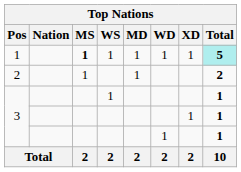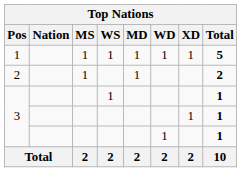 <table class="wikitable" style="text-align:center">
 <tr>
 <th colspan="10">Top Nations</th>
 </tr>
 <tr>
 <th>Pos</th>
 <th>Nation</th>
 <th>MS</th>
 <th>WS</th>
 <th>MD</th>
 <th>WD</th>
 <th>XD</th>
 <th>Total</th>
 </tr>
 <tr>
 <td>1</td>
 <td align="left"></td>
-<td><strong>1</strong></td>
 <td>1</td>
 <td>1</td>
 <td>1</td>
 <td>1</td>
-<td style="background: paleturquoise;"><strong>5</strong></td>
+<td>1</td>
+<td><strong>5</strong></td>
 </tr>
 <tr>
 <td>2</td>
 <td align="left"></td>
 <td>1</td>
 <td></td>
 <td>1</td>
 <td></td>
 <td></td>
 <td><strong>2</strong></td>
 </tr>
 <tr>
 <td rowspan=3>3</td>
 <td align="left"></td>
 <td></td>
 <td>1</td>
 <td></td>
 <td></td>
 <td></td>
 <td><strong>1</strong></td>
 </tr>
 <tr>
 <td align="left"></td>
 <td></td>
 <td></td>
 <td></td>
 <td></td>
 <td>1</td>
 <td><strong>1</strong></td>
 </tr>
 <tr>
 <td align="left"></td>
 <td></td>
 <td></td>
 <td></td>
 <td>1</td>
 <td></td>
 <td><strong>1</strong></td>
 </tr>
 <tr>
 <th colspan="2">Total</th>
 <th>2</th>
 <th>2</th>
 <th>2</th>
 <th>2</th>
 <th>2</th>
 <th>10</th>
 </tr>
 </table>
